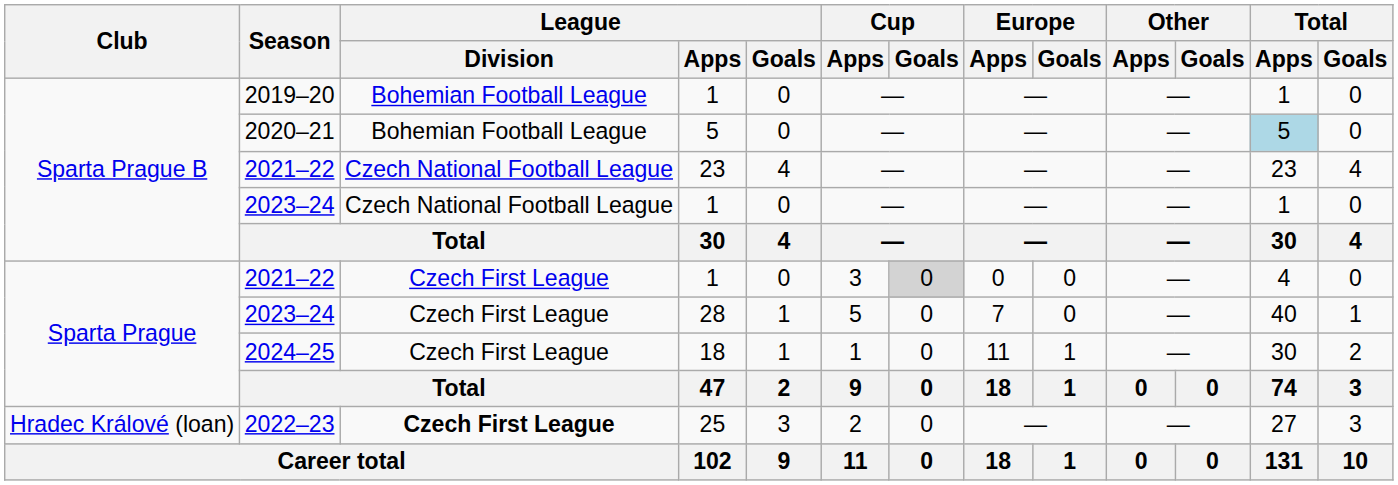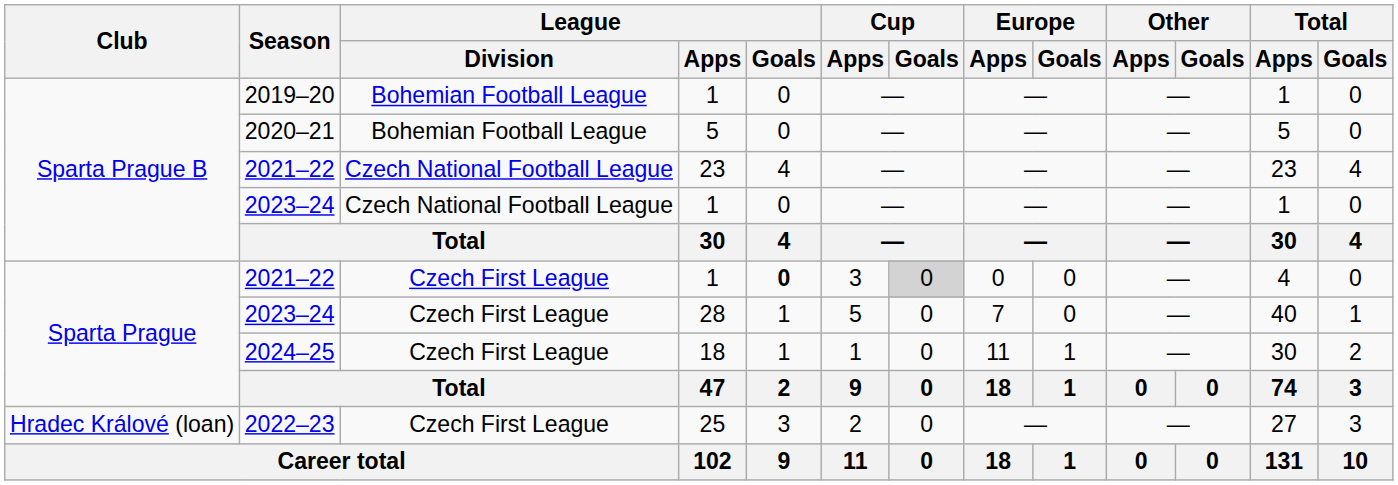 <table class="wikitable" style="text-align:center">
 <tr>
 <th rowspan="2">Club</th>
 <th rowspan="2">Season</th>
 <th colspan="3">League</th>
 <th colspan="2">Cup</th>
 <th colspan="2">Europe</th>
 <th colspan="2">Other</th>
 <th colspan="2">Total</th>
 </tr>
 <tr>
 <th>Division</th>
 <th>Apps</th>
 <th>Goals</th>
 <th>Apps</th>
 <th>Goals</th>
 <th>Apps</th>
 <th>Goals</th>
 <th>Apps</th>
 <th>Goals</th>
 <th>Apps</th>
 <th>Goals</th>
 </tr>
 <tr>
 <td rowspan="5"><a href='#'>Sparta Prague B</a></td>
 <td>2019–20</td>
 <td><a href='#'>Bohemian Football League</a></td>
 <td>1</td>
 <td>0</td>
 <td colspan="2">—</td>
 <td colspan="2">—</td>
 <td colspan="2">—</td>
 <td>1</td>
 <td>0</td>
 </tr>
 <tr>
 <td>2020–21</td>
 <td>Bohemian Football League</td>
 <td>5</td>
 <td>0</td>
 <td colspan="2">—</td>
 <td colspan="2">—</td>
 <td colspan="2">—</td>
-<td style="background: lightblue;">5</td>
+<td>5</td>
 <td>0</td>
 </tr>
 <tr>
 <td><a href='#'>2021–22</a></td>
 <td><a href='#'>Czech National Football League</a></td>
 <td>23</td>
 <td>4</td>
 <td colspan="2">—</td>
 <td colspan="2">—</td>
 <td colspan="2">—</td>
 <td>23</td>
 <td>4</td>
 </tr>
 <tr>
 <td><a href='#'>2023–24</a></td>
 <td>Czech National Football League</td>
 <td>1</td>
 <td>0</td>
 <td colspan="2">—</td>
 <td colspan="2">—</td>
 <td colspan="2">—</td>
 <td>1</td>
 <td>0</td>
 </tr>
 <tr>
 <th colspan="2">Total</th>
 <th>30</th>
 <th>4</th>
 <th colspan="2">—</th>
 <th colspan="2">—</th>
 <th colspan="2">—</th>
 <th>30</th>
 <th>4</th>
 </tr>
 <tr>
 <td rowspan="4"><a href='#'>Sparta Prague</a></td>
 <td><a href='#'>2021–22</a></td>
 <td><a href='#'>Czech First League</a></td>
 <td>1</td>
-<td>0</td>
+<td><strong>0</strong></td>
 <td>3</td>
 <td style="background: lightgrey;">0</td>
 <td>0</td>
 <td>0</td>
 <td colspan="2">—</td>
 <td>4</td>
 <td>0</td>
 </tr>
 <tr>
 <td><a href='#'>2023–24</a></td>
 <td>Czech First League</td>
 <td>28</td>
 <td>1</td>
 <td>5</td>
 <td>0</td>
 <td>7</td>
 <td>0</td>
 <td colspan="2">—</td>
 <td>40</td>
 <td>1</td>
 </tr>
 <tr>
 <td><a href='#'>2024–25</a></td>
 <td>Czech First League</td>
 <td>18</td>
 <td>1</td>
 <td>1</td>
 <td>0</td>
 <td>11</td>
 <td>1</td>
 <td colspan="2">—</td>
 <td>30</td>
 <td>2</td>
 </tr>
 <tr>
 <th colspan="2">Total</th>
 <th>47</th>
 <th>2</th>
 <th>9</th>
 <th>0</th>
 <th>18</th>
 <th>1</th>
 <th>0</th>
 <th>0</th>
 <th>74</th>
 <th>3</th>
 </tr>
 <tr>
 <td><a href='#'>Hradec Králové</a> (loan)</td>
 <td><a href='#'>2022–23</a></td>
-<td><strong>Czech First League</strong></td>
+<td>Czech First League</td>
 <td>25</td>
 <td>3</td>
 <td>2</td>
 <td>0</td>
 <td colspan="2">—</td>
 <td colspan="2">—</td>
 <td>27</td>
 <td>3</td>
 </tr>
 <tr>
 <th colspan="3">Career total</th>
 <th>102</th>
 <th>9</th>
 <th>11</th>
 <th>0</th>
 <th>18</th>
 <th>1</th>
 <th>0</th>
 <th>0</th>
 <th>131</th>
 <th>10</th>
 </tr>
 </table>
